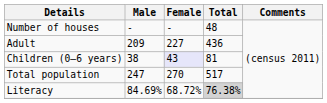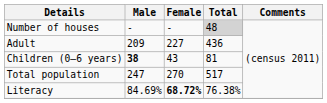 <table class="wikitable sortable">
 <tr>
 <th>Details</th>
 <th>Male</th>
 <th>Female</th>
 <th>Total</th>
 <th>Comments</th>
 </tr>
 <tr>
 <td>Number of houses</td>
 <td>-</td>
 <td>-</td>
-<td>48</td>
+<td style="background: lightgrey;">48</td>
 <td rowspan="5">(census 2011) </td>
 </tr>
 <tr>
 <td>Adult</td>
 <td>209</td>
 <td>227</td>
 <td>436</td>
 </tr>
 <tr>
 <td>Children (0–6 years)</td>
-<td>38</td>
-<td style="background: lavender;">43</td>
+<td><strong>38</strong></td>
+<td>43</td>
 <td>81</td>
 </tr>
 <tr>
 <td>Total population</td>
 <td>247</td>
 <td>270</td>
 <td>517</td>
 </tr>
 <tr>
 <td>Literacy</td>
 <td>84.69%</td>
-<td>68.72%</td>
-<td style="background: lightgrey;">76.38%</td>
+<td><strong>68.72%</strong></td>
+<td>76.38%</td>
 </tr>
 <tr>
 </tr>
 </table>
